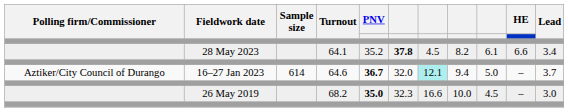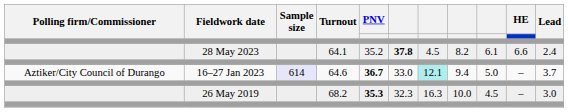 <table class="wikitable collapsible collapsed" style="text-align:center; font-size:95%; line-height:16px;">
 <tr style="height:42px;">
 <th style="width:250px;" rowspan="2">Polling firm/Commissioner</th>
 <th style="width:125px;" rowspan="2">Fieldwork date</th>
 <th style="width:50px;" rowspan="2">Sample size</th>
 <th style="width:45px;" rowspan="2">Turnout</th>
 <th style="width:35px;"><a href='#'>PNV</a></th>
 <th style="width:35px;"></th>
 <th style="width:35px;"></th>
 <th style="width:35px;"></th>
 <th style="width:35px;"></th>
 <th style="width:35px;">HE</th>
 <th style="width:30px;" rowspan="2">Lead</th>
 </tr>
 <tr>
 <th style="color:inherit;background:"></th>
 <th style="color:inherit;background:"></th>
 <th style="color:inherit;background:"></th>
 <th style="color:inherit;background:"></th>
 <th style="color:inherit;background:"></th>
 <th style="color:inherit;background:#0031C5;"></th>
 </tr>
 <tr>
 <td colspan="11" style="background:#A0A0A0"></td>
 </tr>
 <tr style="background:#EFEFEF;">
 <td><strong></strong></td>
 <td>28 May 2023</td>
 <td></td>
 <td>64.1</td>
 <td>35.2<br></td>
 <td><strong>37.8</strong><br></td>
 <td>4.5<br></td>
 <td>8.2<br></td>
 <td>6.1<br></td>
 <td>6.6<br></td>
-<td style="background:">3.4</td>
+<td style="background:">2.4</td>
 </tr>
 <tr>
 <td colspan="11" style="background:#A0A0A0"></td>
 </tr>
 <tr>
 <td>Aztiker/City Council of Durango</td>
 <td>16–27 Jan 2023</td>
-<td>614</td>
+<td style="background: lavender;">614</td>
 <td>64.6</td>
 <td><strong>36.7</strong><br></td>
-<td>32.0<br></td>
+<td>33.0<br></td>
 <td style="background: paleturquoise;">12.1<br></td>
 <td>9.4<br></td>
 <td>5.0<br></td>
 <td>–</td>
 <td style="background:">3.7</td>
 </tr>
 <tr>
 <td colspan="11" style="background:#A0A0A0"></td>
 </tr>
 <tr style="background:#EFEFEF;">
 <td><strong></strong></td>
 <td>26 May 2019</td>
 <td></td>
 <td>68.2</td>
-<td><strong>35.0</strong><br></td>
+<td><strong>35.3</strong><br></td>
 <td>32.3<br></td>
-<td>16.6<br></td>
+<td>16.3<br></td>
 <td>10.0<br></td>
 <td>4.5<br></td>
 <td>–</td>
 <td style="background:">3.0</td>
 </tr>
 <tr>
 <td colspan="11" style="background:#A0A0A0"></td>
 </tr>
 </table>
